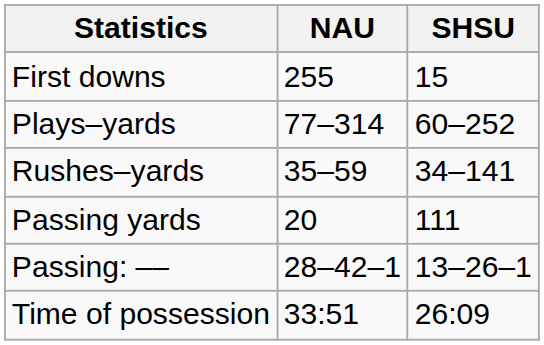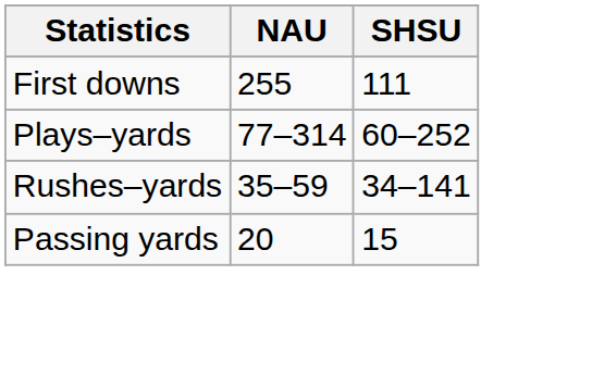 <table class="wikitable" style="float:left">
 <tr>
 <th>Statistics</th>
 <th>NAU</th>
 <th>SHSU</th>
 </tr>
 <tr>
 <td>First downs</td>
 <td>255</td>
-<td>15</td>
+<td>111</td>
 </tr>
 <tr>
 <td>Plays–yards</td>
 <td>77–314</td>
 <td>60–252</td>
 </tr>
 <tr>
 <td>Rushes–yards</td>
 <td>35–59</td>
 <td>34–141</td>
 </tr>
 <tr>
 <td>Passing yards</td>
 <td>20</td>
-<td>111</td>
-</tr>
-<tr>
-<td>Passing: ––</td>
-<td>28–42–1</td>
-<td>13–26–1</td>
-</tr>
-<tr>
-<td>Time of possession</td>
-<td>33:51</td>
-<td>26:09</td>
+<td>15</td>
 </tr>
 </table>
